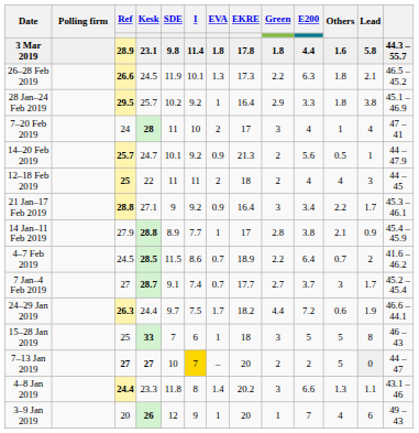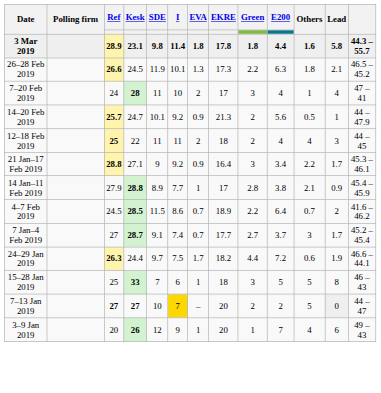 <table class="wikitable" style="text-align:center; font-size:90%; line-height:16px;">
 <tr style="height:42px;">
 <th style="width:150px;" rowspan="2">Date</th>
 <th style="width:195px;" rowspan="2">Polling firm</th>
 <th><a href='#'><span>Ref</span></a></th>
 <th><a href='#'><span>Kesk</span></a></th>
 <th><a href='#'><span>SDE</span></a></th>
 <th><a href='#'><span>I</span></a></th>
 <th><a href='#'><span>EVA</span></a></th>
 <th><a href='#'><span>EKRE</span></a></th>
 <th><a href='#'><span>Green</span></a></th>
 <th><a href='#'><span>E200</span></a></th>
 <th style="width:50px;" rowspan="2">Others</th>
 <th style="width:20px;" rowspan="2">Lead</th>
 <th style="width:70px;" rowspan="2"></th>
 </tr>
 <tr>
 <th style="background:"></th>
 <th style="background:"></th>
 <th style="background:"></th>
 <th style="background:"></th>
 <th style="background:"></th>
 <th style="background:"></th>
 <th style="background:#80BB3D; width:50px;"></th>
 <th style="background:#06778D; width:50px;"></th>
 </tr>
 <tr style="background:#EFEFEF; font-weight:bold;">
 <td>3 Mar 2019</td>
 <td></td>
 <td style="background:#FEF4AE">28.9</td>
 <td>23.1</td>
 <td>9.8</td>
 <td>11.4</td>
 <td>1.8</td>
 <td>17.8</td>
 <td>1.8</td>
 <td>4.4</td>
 <td>1.6</td>
 <td style="background:">5.8</td>
 <td>44.3 – 55.7</td>
 </tr>
 <tr>
 <td>26–28 Feb 2019</td>
 <td></td>
 <td style="background:#FEF4AE"><strong>26.6</strong></td>
 <td>24.5</td>
 <td>11.9</td>
 <td>10.1</td>
 <td>1.3</td>
 <td>17.3</td>
 <td>2.2</td>
 <td>6.3</td>
 <td>1.8</td>
 <td style="background:">2.1</td>
 <td>46.5 – 45.2</td>
-</tr>
-<tr>
-<td>28 Jan–24 Feb 2019</td>
-<td></td>
-<td style="background:#FEF4AE"><strong>29.5</strong></td>
-<td>25.7</td>
-<td>10.2</td>
-<td>9.2</td>
-<td>1</td>
-<td>16.4</td>
-<td>2.9</td>
-<td>3.3</td>
-<td>1.8</td>
-<td style="background:">3.8</td>
-<td>45.1 – 46.9</td>
 </tr>
 <tr>
 <td>7–20 Feb 2019</td>
 <td></td>
 <td>24</td>
 <td style="background:#D3F2D0;"><strong>28</strong></td>
 <td>11</td>
 <td>10</td>
 <td>2</td>
 <td>17</td>
 <td>3</td>
 <td>4</td>
 <td>1</td>
 <td style="background:">4</td>
 <td>47 – 41</td>
 </tr>
 <tr>
 <td>14–20 Feb 2019</td>
 <td></td>
 <td style="background:#FEF4AE"><strong>25.7</strong></td>
 <td>24.7</td>
 <td>10.1</td>
 <td>9.2</td>
 <td>0.9</td>
 <td>21.3</td>
 <td>2</td>
 <td>5.6</td>
 <td>0.5</td>
 <td style="background:">1</td>
 <td>44 – 47.9</td>
 </tr>
 <tr>
 <td>12–18 Feb 2019</td>
 <td></td>
 <td style="background:#FEF4AE"><strong>25</strong></td>
 <td>22</td>
 <td>11</td>
 <td>11</td>
 <td>2</td>
 <td>18</td>
 <td>2</td>
 <td>4</td>
 <td>4</td>
 <td style="background:">3</td>
 <td>44 – 45</td>
 </tr>
 <tr>
 <td>21 Jan–17 Feb 2019</td>
 <td></td>
 <td style="background:#FEF4AE"><strong>28.8</strong></td>
 <td>27.1</td>
 <td>9</td>
 <td>9.2</td>
 <td>0.9</td>
 <td>16.4</td>
 <td>3</td>
 <td>3.4</td>
 <td>2.2</td>
 <td style="background:">1.7</td>
 <td>45.3 – 46.1</td>
 </tr>
 <tr>
 <td>14 Jan–11 Feb 2019</td>
 <td></td>
 <td>27.9</td>
 <td style="background:#D3F2D0;"><strong>28.8</strong></td>
 <td>8.9</td>
 <td>7.7</td>
 <td>1</td>
 <td>17</td>
 <td>2.8</td>
 <td>3.8</td>
 <td>2.1</td>
 <td style="background:">0.9</td>
 <td>45.4 – 45.9</td>
 </tr>
 <tr>
 <td>4–7 Feb 2019</td>
 <td></td>
 <td>24.5</td>
 <td style="background:#D3F2D0;"><strong>28.5</strong></td>
 <td>11.5</td>
 <td>8.6</td>
 <td>0.7</td>
 <td>18.9</td>
 <td>2.2</td>
 <td>6.4</td>
 <td>0.7</td>
 <td style="background:">2</td>
 <td>41.6 – 46.2</td>
 </tr>
 <tr>
 <td>7 Jan–4 Feb 2019</td>
 <td></td>
 <td>27</td>
 <td style="background:#D3F2D0;"><strong>28.7</strong></td>
 <td>9.1</td>
 <td>7.4</td>
 <td>0.7</td>
 <td>17.7</td>
 <td>2.7</td>
 <td>3.7</td>
 <td>3</td>
 <td style="background:">1.7</td>
 <td>45.2 – 45.4</td>
 </tr>
 <tr>
 <td>24–29 Jan 2019</td>
 <td></td>
 <td style="background:#FEF4AE"><strong>26.3</strong></td>
 <td>24.4</td>
 <td>9.7</td>
 <td>7.5</td>
 <td>1.7</td>
 <td>18.2</td>
 <td>4.4</td>
 <td>7.2</td>
 <td>0.6</td>
 <td style="background:">1.9</td>
 <td>46.6 – 44.1</td>
 </tr>
 <tr>
 <td>15–28 Jan 2019</td>
 <td></td>
 <td>25</td>
 <td style="background:#D3F2D0;"><strong>33</strong></td>
 <td>7</td>
 <td>6</td>
 <td>1</td>
 <td>18</td>
 <td>3</td>
 <td>5</td>
 <td>5</td>
 <td style="background:">8</td>
 <td>46 – 43</td>
 </tr>
 <tr>
 <td>7–13 Jan 2019</td>
 <td></td>
 <td><strong>27</strong></td>
 <td><strong>27</strong></td>
 <td>10</td>
 <td style="background: gold;">7</td>
 <td>–</td>
 <td>20</td>
 <td>2</td>
 <td>2</td>
 <td>5</td>
 <td style="background:#EFEFEF;">0</td>
 <td>44 – 47</td>
 </tr>
 <tr>
-<td>4–8 Jan 2019</td>
-<td></td>
-<td style="background:#FEF4AE"><strong>24.4</strong></td>
-<td>23.3</td>
-<td>11.8</td>
-<td>8</td>
-<td>1.4</td>
-<td>20.2</td>
-<td>3</td>
-<td>6.6</td>
-<td>1.3</td>
-<td style="background:">1.1</td>
-<td>43.1 – 46</td>
-</tr>
-<tr>
 <td>3–9 Jan 2019</td>
 <td></td>
 <td>20</td>
 <td style="background:#D3F2D0;"><strong>26</strong></td>
 <td>12</td>
 <td>9</td>
 <td>1</td>
 <td>20</td>
 <td>1</td>
 <td>7</td>
 <td>4</td>
 <td style="background:">6</td>
 <td>49 – 43</td>
 </tr>
 </table>
